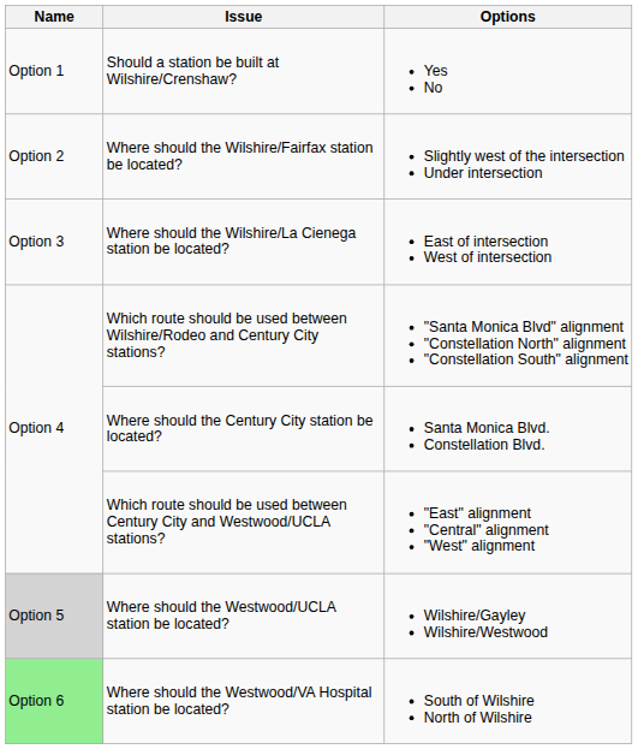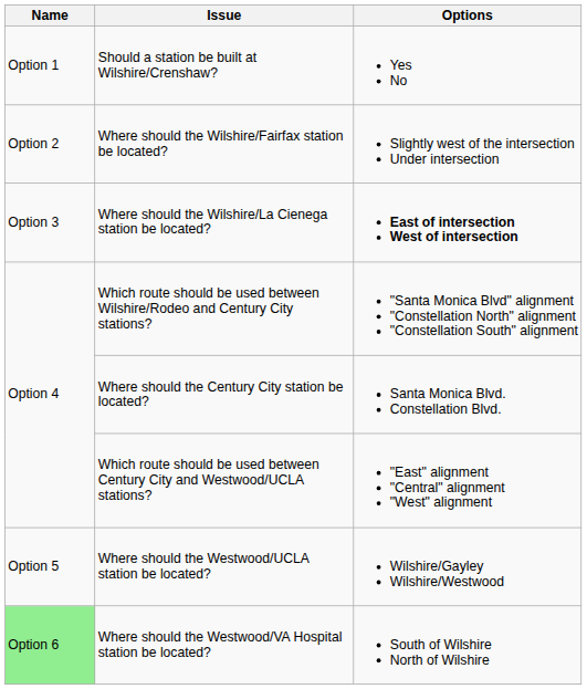 <table class="wikitable">
 <tr>
 <th style="width:100px;">Name</th>
 <th style="width:300px;">Issue</th>
 <th>Options</th>
 </tr>
 <tr>
 <td>Option 1</td>
 <td>Should a station be built at Wilshire/Crenshaw?</td>
 <td><br><ul><li>Yes</li><li>No</li></ul></td>
 </tr>
 <tr>
 <td>Option 2</td>
 <td>Where should the Wilshire/Fairfax station be located?</td>
 <td><br><ul><li>Slightly west of the intersection</li><li>Under intersection</li></ul></td>
 </tr>
 <tr>
 <td>Option 3</td>
 <td>Where should the Wilshire/La Cienega station be located?</td>
-<td><br><ul><li>East of intersection</li><li>West of intersection</li></ul></td>
+<td><strong><br><ul><li>East of intersection</li><li>West of intersection</li></ul></strong></td>
 </tr>
 <tr>
 <td rowspan="3">Option 4</td>
 <td>Which route should be used between Wilshire/Rodeo and Century City stations?</td>
 <td><br><ul><li>"Santa Monica Blvd" alignment</li><li>"Constellation North" alignment</li><li>"Constellation South" alignment</li></ul></td>
 </tr>
 <tr>
 <td>Where should the Century City station be located?</td>
 <td><br><ul><li>Santa Monica Blvd.</li><li>Constellation Blvd.</li></ul></td>
 </tr>
 <tr>
 <td>Which route should be used between Century City and Westwood/UCLA stations?</td>
 <td><br><ul><li>"East" alignment</li><li>"Central" alignment</li><li>"West" alignment</li></ul></td>
 </tr>
 <tr>
-<td style="background: lightgrey;">Option 5</td>
+<td>Option 5</td>
 <td>Where should the Westwood/UCLA station be located?</td>
 <td><br><ul><li>Wilshire/Gayley</li><li>Wilshire/Westwood</li></ul></td>
 </tr>
 <tr>
 <td style="background: lightgreen;">Option 6</td>
 <td>Where should the Westwood/VA Hospital station be located?</td>
 <td><br><ul><li>South of Wilshire</li><li>North of Wilshire</li></ul></td>
 </tr>
 </table>
